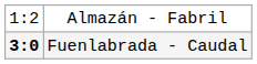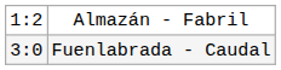 <table class="wikitable">
 <tr align=center bgcolor=white>
 <td>1:2</td>
 <td>Almazán - Fabril</td>
 </tr>
 <tr align=center bgcolor=#F5F5F5>
-<td><strong>3:0</strong></td>
+<td>3:0</td>
 <td>Fuenlabrada - Caudal</td>
 </tr>
 </table>
